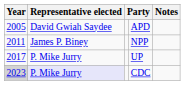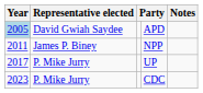 <table class="wikitable">
 <tr>
 <th>Year</th>
 <th>Representative elected</th>
 <th colspan=2>Party</th>
 <th>Notes</th>
 </tr>
 <tr>
-<td><a href='#'>2005</a></td>
+<td style="background: lightblue;"><a href='#'>2005</a></td>
 <td><a href='#'>David Gwiah Saydee</a></td>
 <td></td>
 <td><a href='#'>APD</a></td>
 <td></td>
 </tr>
 <tr>
 <td><a href='#'>2011</a></td>
 <td><a href='#'>James P. Biney</a></td>
 <td></td>
 <td><a href='#'>NPP</a></td>
 <td></td>
 </tr>
 <tr>
 <td><a href='#'>2017</a></td>
 <td><a href='#'>P. Mike Jurry</a></td>
 <td></td>
 <td><a href='#'>UP</a></td>
 <td></td>
 </tr>
 <tr>
-<td style="background: lightgrey;"><a href='#'>2023</a></td>
-<td style="background: lavender;"><a href='#'>P. Mike Jurry</a></td>
+<td><a href='#'>2023</a></td>
+<td><a href='#'>P. Mike Jurry</a></td>
 <td></td>
 <td><a href='#'>CDC</a></td>
 <td></td>
 </tr>
 </table>
